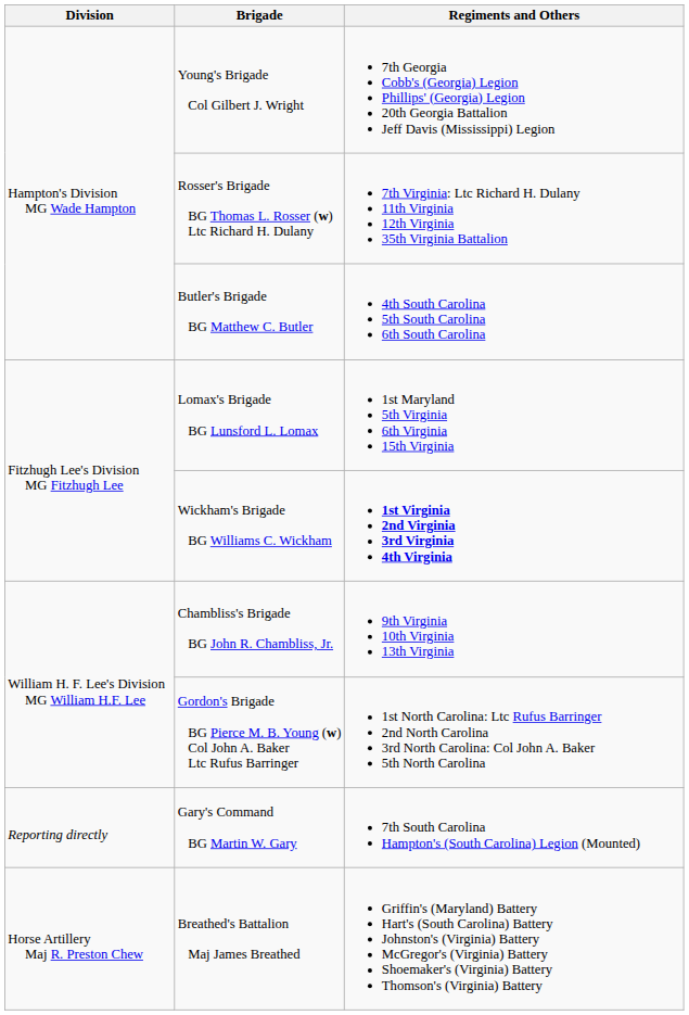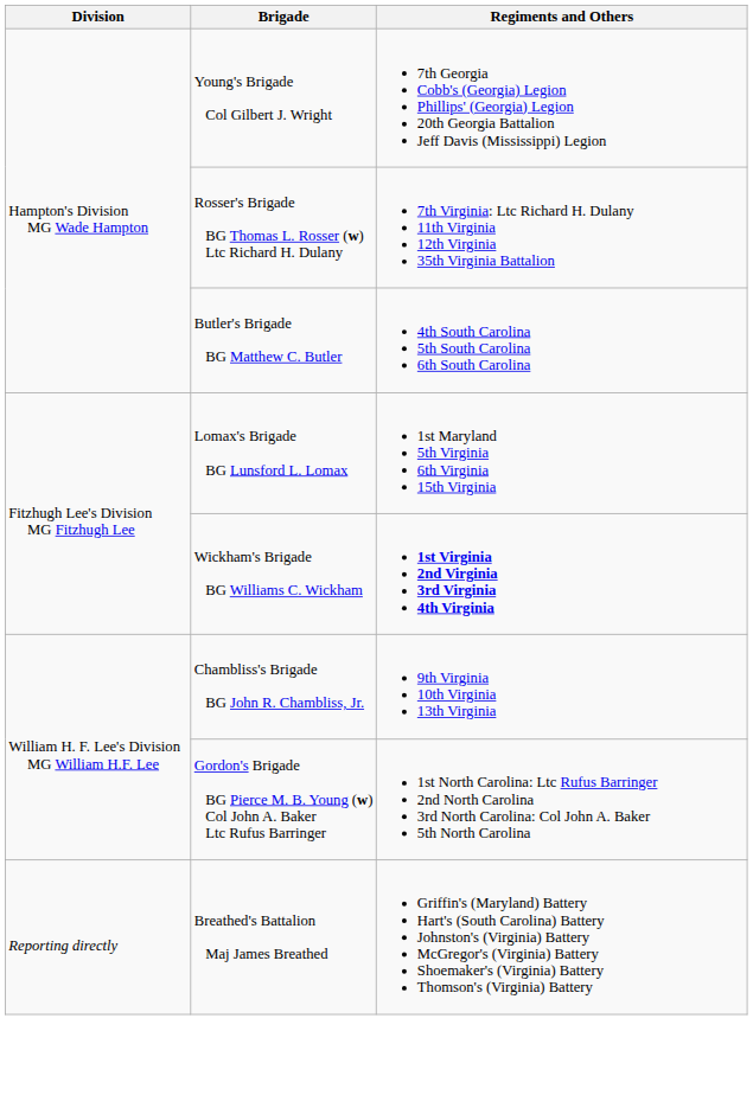 <table class="wikitable">
 <tr>
 <th width=25%>Division</th>
 <th width=25%>Brigade</th>
 <th>Regiments and Others</th>
 </tr>
 <tr>
 <td rowspan=3><br>Hampton's Division <br>     MG <a href='#'>Wade Hampton</a></td>
 <td>Young's Brigade<br><br>   Col Gilbert J. Wright</td>
 <td><br><ul><li>7th Georgia</li><li><a href='#'>Cobb's (Georgia) Legion</a></li><li><a href='#'>Phillips' (Georgia) Legion</a></li><li>20th Georgia Battalion</li><li>Jeff Davis (Mississippi) Legion</li></ul></td>
 </tr>
 <tr>
 <td>Rosser's Brigade<br><br>   BG <a href='#'>Thomas L. Rosser</a> (<strong>w</strong>) <br>   Ltc Richard H. Dulany</td>
 <td><br><ul><li><a href='#'>7th Virginia</a>: Ltc Richard H. Dulany</li><li><a href='#'>11th Virginia</a></li><li><a href='#'>12th Virginia</a></li><li><a href='#'>35th Virginia Battalion</a></li></ul></td>
 </tr>
 <tr>
 <td>Butler's Brigade<br><br>   BG <a href='#'>Matthew C. Butler</a></td>
 <td><br><ul><li><a href='#'>4th South Carolina</a></li><li><a href='#'>5th South Carolina</a></li><li><a href='#'>6th South Carolina</a></li></ul></td>
 </tr>
 <tr>
 <td rowspan=2><br>Fitzhugh Lee's Division <br>     MG <a href='#'>Fitzhugh Lee</a></td>
 <td>Lomax's Brigade<br><br>   BG <a href='#'>Lunsford L. Lomax</a></td>
 <td><br><ul><li>1st Maryland</li><li><a href='#'>5th Virginia</a></li><li><a href='#'>6th Virginia</a></li><li><a href='#'>15th Virginia</a></li></ul></td>
 </tr>
 <tr>
 <td>Wickham's Brigade<br><br>   BG <a href='#'>Williams C. Wickham</a></td>
 <td><strong><br><ul><li><a href='#'>1st Virginia</a></li><li><a href='#'>2nd Virginia</a></li><li><a href='#'>3rd Virginia</a></li><li><a href='#'>4th Virginia</a></li></ul></strong></td>
 </tr>
 <tr>
 <td rowspan=2><br>William H. F. Lee's Division <br>     MG <a href='#'>William H.F. Lee</a></td>
 <td>Chambliss's Brigade<br><br>   BG <a href='#'>John R. Chambliss, Jr.</a></td>
 <td><br><ul><li><a href='#'>9th Virginia</a></li><li><a href='#'>10th Virginia</a></li><li><a href='#'>13th Virginia</a></li></ul></td>
 </tr>
 <tr>
 <td><a href='#'>Gordon's</a> Brigade<br><br>   BG <a href='#'>Pierce M. B. Young</a> (<strong>w</strong>) <br>   Col John A. Baker <br>   Ltc Rufus Barringer</td>
 <td><br><ul><li>1st North Carolina: Ltc <a href='#'>Rufus Barringer</a></li><li>2nd North Carolina</li><li>3rd North Carolina: Col John A. Baker</li><li>5th North Carolina</li></ul></td>
 </tr>
 <tr>
 <td rowspan=1><br><em>Reporting directly</em></td>
-<td>Gary's Command<br><br>   BG <a href='#'>Martin W. Gary</a></td>
-<td><br><ul><li>7th South Carolina</li><li><a href='#'>Hampton's (South Carolina) Legion</a> (Mounted)</li></ul></td>
-</tr>
-<tr>
-<td rowspan=1><br>Horse Artillery <br>     Maj <a href='#'>R. Preston Chew</a></td>
 <td>Breathed's Battalion<br><br>   Maj James Breathed</td>
 <td><br><ul><li>Griffin's (Maryland) Battery</li><li>Hart's (South Carolina) Battery</li><li>Johnston's (Virginia) Battery</li><li>McGregor's (Virginia) Battery</li><li>Shoemaker's (Virginia) Battery</li><li>Thomson's (Virginia) Battery</li></ul></td>
 </tr>
 </table>
